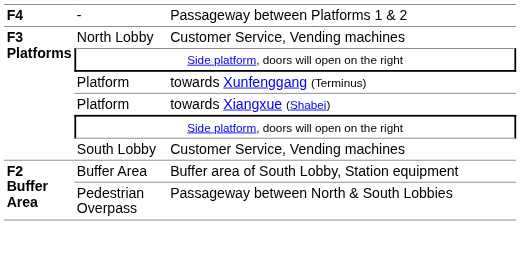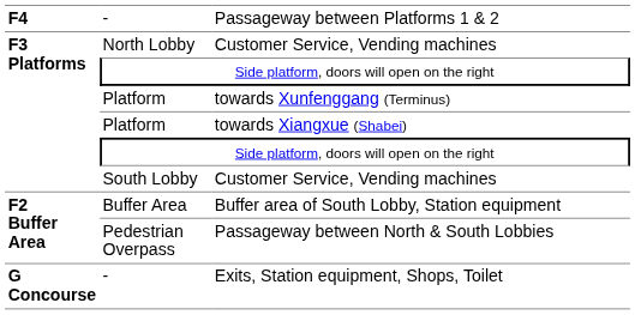 <table table border=0 cellspacing=0 cellpadding=3>
 <tr>
 <td style="border-bottom:solid 0px gray; border-top:solid 1px gray;" valign=top width=50><strong>F4</strong></td>
 <td style="border-bottom:solid 0px gray; border-top:solid 1px gray;" valign=top width=100>-</td>
 <td style="border-bottom:solid 0px gray; border-top:solid 1px gray;" valign=top width=390>Passageway between Platforms 1 & 2</td>
 </tr>
 <tr>
 <td style="border-top:solid 1px gray;border-bottom:solid 1px gray;" rowspan=6 valign=top width=50><strong>F3<br>Platforms</strong></td>
 <td style="border-bottom:solid 0px gray; border-top:solid 1px gray;" valign=top width=100>North Lobby</td>
 <td style="border-bottom:solid 0px gray; border-top:solid 1px gray;" valign=top width=390>Customer Service, Vending machines</td>
 </tr>
 <tr>
 <td style="border-top:solid 1px gray;border-right:solid 2px black;border-left:solid 2px black;border-bottom:solid 2px black;text-align:center;" colspan=2><small><a href='#'>Side platform</a>, doors will open on the right</small></td>
 </tr>
 <tr>
 <td>Platform </td>
 <td>  towards <a href='#'>Xunfenggang</a> <small>(Terminus)</small></td>
 </tr>
 <tr>
 <td style="border-top:solid 1px gray;">Platform </td>
 <td style="border-top:solid 1px gray;"> towards <a href='#'>Xiangxue</a> <small>(<a href='#'>Shabei</a>)</small> </td>
 </tr>
 <tr>
 <td style="border-bottom:solid 1px gray;border-top:solid 2px black;border-right:solid 2px black;border-left:solid 2px black;text-align:center;" colspan=2><small><a href='#'>Side platform</a>, doors will open on the right</small></td>
 </tr>
 <tr>
 <td style="border-bottom:solid 1px gray;" valign=top width=100>South Lobby</td>
 <td style="border-bottom:solid 1px gray;" valign=top width=390>Customer Service, Vending machines</td>
 </tr>
 <tr>
 <td style="border-bottom:solid 1px gray;" valign=top width=50 rowspan=2><strong>F2<br>Buffer Area</strong></td>
 <td style="border-bottom:solid 1px gray;" valign=top width=100>Buffer Area</td>
 <td style="border-bottom:solid 1px gray;" valign=top width=390>Buffer area of South Lobby, Station equipment</td>
 </tr>
 <tr>
 <td style="border-bottom:solid 1px gray;" valign=top width=100>Pedestrian Overpass</td>
 <td style="border-bottom:solid 1px gray;" valign=top width=390>Passageway between North & South Lobbies</td>
 </tr>
+<tr>
+<td style="border-bottom:solid 1px gray;" width=50 valign=top><strong>G<br>Concourse</strong></td>
+<td style="border-bottom:solid 1px gray;" width=100 valign=top>-</td>
+<td style="border-bottom:solid 1px gray;" width=390 valign=top>Exits, Station equipment, Shops, Toilet</td>
+</tr>
 </table>
